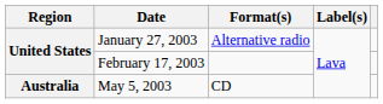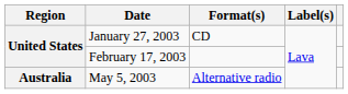 <table class="wikitable plainrowheaders">
 <tr>
 <th scope="col">Region</th>
 <th scope="col">Date</th>
 <th scope="col">Format(s)</th>
 <th scope="col">Label(s)</th>
 <th scope="col"></th>
 </tr>
 <tr>
 <th scope="row" rowspan="2">United States</th>
 <td>January 27, 2003</td>
-<td><a href='#'>Alternative radio</a></td>
+<td>CD</td>
 <td rowspan="3"><a href='#'>Lava</a></td>
 <td></td>
 </tr>
 <tr>
 <td>February 17, 2003</td>
 <td></td>
 <td></td>
 </tr>
 <tr>
 <th scope="row">Australia</th>
 <td>May 5, 2003</td>
-<td>CD</td>
+<td><a href='#'>Alternative radio</a></td>
 <td></td>
 </tr>
 </table>
